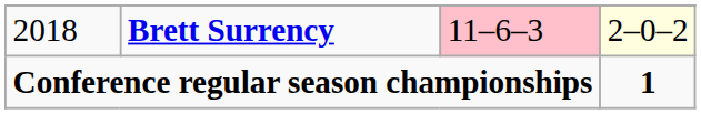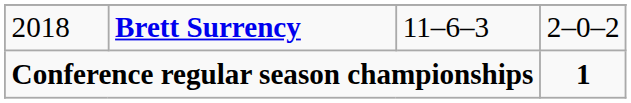 <table class="wikitable" style="font-size:100%;" style="text-align: center;">
 <tr>
 </tr>
 <tr>
 <td>2018</td>
 <td><strong><a href='#'>Brett Surrency</a></strong></td>
-<td style="background: pink;">11–6–3</td>
-<td style="background: lightyellow;">2–0–2</td>
+<td>11–6–3</td>
+<td>2–0–2</td>
 </tr>
 <tr style="text-align:center; ">
 <td colspan="3"><strong>Conference regular season championships</strong></td>
 <td colspan="1"><strong>1</strong></td>
 </tr>
 </table>
